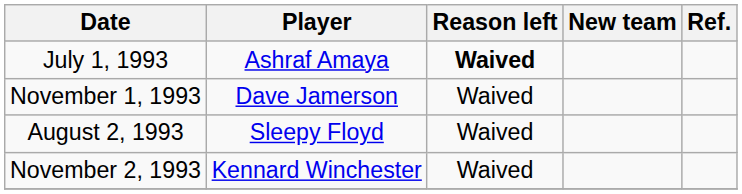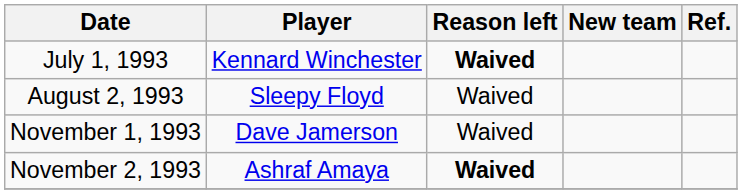 <table class="wikitable sortable sortable" style="text-align: center">
 <tr>
 <th>Date</th>
 <th>Player</th>
 <th>Reason left</th>
 <th>New team</th>
 <th>Ref.</th>
 </tr>
 <tr>
 <td>July 1, 1993</td>
-<td><a href='#'>Ashraf Amaya</a></td>
+<td><a href='#'>Kennard Winchester</a></td>
 <td><strong>Waived</strong></td>
+<td></td>
+<td></td>
+</tr>
+<tr>
+<td>August 2, 1993</td>
+<td><a href='#'>Sleepy Floyd</a></td>
+<td>Waived</td>
 <td></td>
 <td></td>
 </tr>
 <tr>
 <td>November 1, 1993</td>
 <td><a href='#'>Dave Jamerson</a></td>
 <td>Waived</td>
 <td></td>
 <td></td>
 </tr>
 <tr>
-<td>August 2, 1993</td>
-<td><a href='#'>Sleepy Floyd</a></td>
-<td>Waived</td>
-<td></td>
-<td></td>
-</tr>
-<tr>
 <td>November 2, 1993</td>
-<td><a href='#'>Kennard Winchester</a></td>
-<td>Waived</td>
+<td><a href='#'>Ashraf Amaya</a></td>
+<td><strong>Waived</strong></td>
 <td></td>
 <td></td>
 </tr>
 <tr>
 </tr>
 </table>
